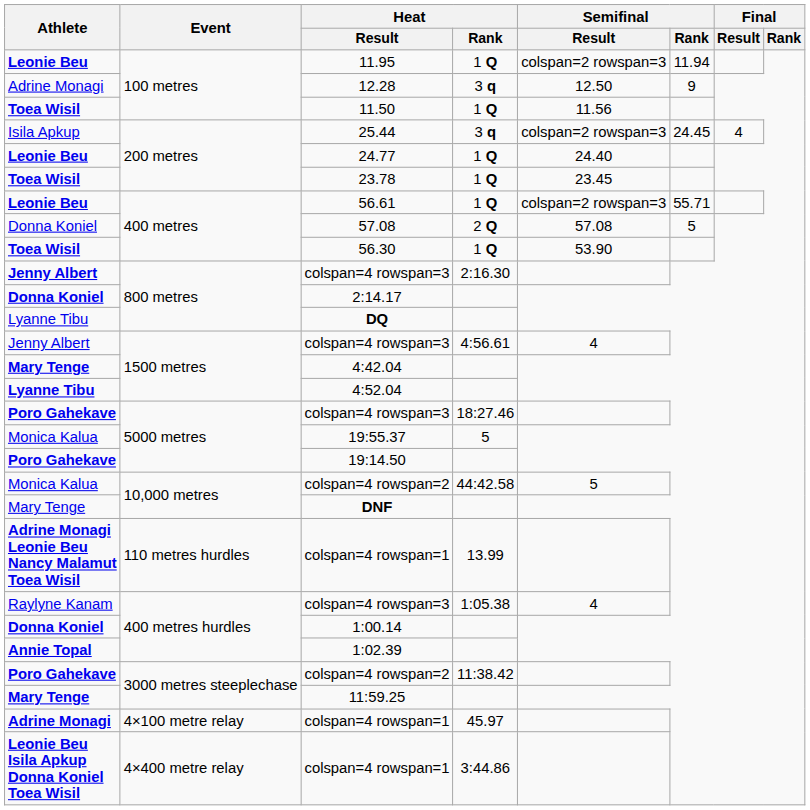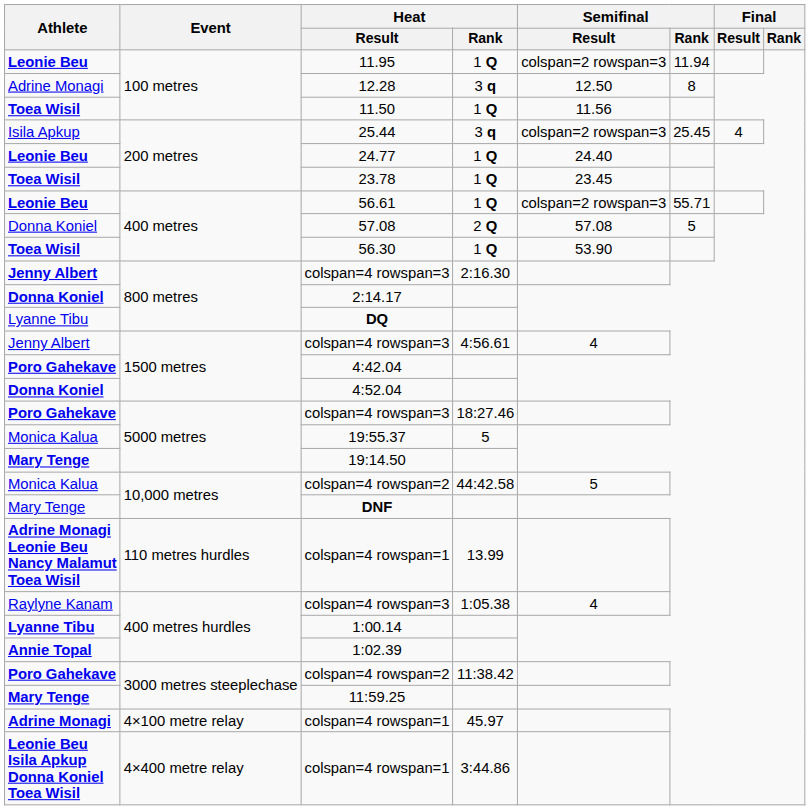 <table class="wikitable" style="font-size:90%">
 <tr>
 <th rowspan="2">Athlete</th>
 <th rowspan="2">Event</th>
 <th colspan="2">Heat</th>
 <th colspan="2">Semifinal</th>
 <th colspan="2">Final</th>
 </tr>
 <tr style="font-size:95%">
 <th>Result</th>
 <th>Rank</th>
 <th>Result</th>
 <th>Rank</th>
 <th>Result</th>
 <th>Rank</th>
 </tr>
 <tr style=text-align:center>
 <td style=text-align:left><strong><a href='#'>Leonie Beu</a></strong></td>
 <td style=text-align:left rowspan=3>100 metres</td>
 <td>11.95</td>
 <td>1 <strong>Q</strong></td>
 <td>colspan=2 rowspan=3 </td>
 <td>11.94</td>
 <td></td>
 </tr>
 <tr style=text-align:center>
 <td style=text-align:left><a href='#'>Adrine Monagi</a></td>
 <td>12.28</td>
 <td>3 <strong>q</strong></td>
 <td>12.50</td>
-<td>9</td>
+<td>8</td>
 </tr>
 <tr style=text-align:center>
 <td style=text-align:left><strong><a href='#'>Toea Wisil</a></strong></td>
 <td>11.50</td>
 <td>1 <strong>Q</strong></td>
 <td>11.56</td>
 <td></td>
 </tr>
 <tr style=text-align:center>
 <td style=text-align:left><a href='#'>Isila Apkup</a></td>
 <td style=text-align:left rowspan=3>200 metres</td>
 <td>25.44</td>
 <td>3 <strong>q</strong></td>
 <td>colspan=2 rowspan=3 </td>
-<td>24.45</td>
+<td>25.45</td>
 <td>4</td>
 </tr>
 <tr style=text-align:center>
 <td style=text-align:left><strong><a href='#'>Leonie Beu</a></strong></td>
 <td>24.77</td>
 <td>1 <strong>Q</strong></td>
 <td>24.40</td>
 <td></td>
 </tr>
 <tr style=text-align:center>
 <td style=text-align:left><strong><a href='#'>Toea Wisil</a></strong></td>
 <td>23.78</td>
 <td>1 <strong>Q</strong></td>
 <td>23.45</td>
 <td></td>
 </tr>
 <tr style=text-align:center>
 <td style=text-align:left><strong><a href='#'>Leonie Beu</a></strong></td>
 <td style=text-align:left rowspan=3>400 metres</td>
 <td>56.61</td>
 <td>1 <strong>Q</strong></td>
 <td>colspan=2 rowspan=3 </td>
 <td>55.71</td>
 <td></td>
 </tr>
 <tr style=text-align:center>
 <td style=text-align:left><a href='#'>Donna Koniel</a></td>
 <td>57.08</td>
 <td>2 <strong>Q</strong></td>
 <td>57.08</td>
 <td>5</td>
 </tr>
 <tr style=text-align:center>
 <td style=text-align:left><strong><a href='#'>Toea Wisil</a></strong></td>
 <td>56.30</td>
 <td>1 <strong>Q</strong></td>
 <td>53.90</td>
 <td></td>
 </tr>
 <tr style=text-align:center>
 <td style=text-align:left><strong><a href='#'>Jenny Albert</a></strong></td>
 <td style=text-align:left rowspan=3>800 metres</td>
 <td>colspan=4 rowspan=3 </td>
 <td>2:16.30</td>
 <td></td>
 </tr>
 <tr style=text-align:center>
 <td style=text-align:left><strong><a href='#'>Donna Koniel</a></strong></td>
 <td>2:14.17</td>
 <td></td>
 </tr>
 <tr style=text-align:center>
 <td style=text-align:left><a href='#'>Lyanne Tibu</a></td>
 <td><strong>DQ</strong></td>
 <td></td>
 </tr>
 <tr style=text-align:center>
 <td style=text-align:left><a href='#'>Jenny Albert</a></td>
 <td style=text-align:left rowspan=3>1500 metres</td>
 <td>colspan=4 rowspan=3 </td>
 <td>4:56.61</td>
 <td>4</td>
 </tr>
 <tr style=text-align:center>
-<td style=text-align:left><strong><a href='#'>Mary Tenge</a></strong></td>
+<td style=text-align:left><strong><a href='#'>Poro Gahekave</a></strong></td>
 <td>4:42.04</td>
 <td></td>
 </tr>
 <tr style=text-align:center>
-<td style=text-align:left><strong><a href='#'>Lyanne Tibu</a></strong></td>
+<td style=text-align:left><strong><a href='#'>Donna Koniel</a></strong></td>
 <td>4:52.04</td>
 <td></td>
 </tr>
 <tr style=text-align:center>
 <td style=text-align:left><strong><a href='#'>Poro Gahekave</a></strong></td>
 <td style=text-align:left rowspan=3>5000 metres</td>
 <td>colspan=4 rowspan=3 </td>
 <td>18:27.46</td>
 <td></td>
 </tr>
 <tr style=text-align:center>
 <td style=text-align:left><a href='#'>Monica Kalua</a></td>
 <td>19:55.37</td>
 <td>5</td>
 </tr>
 <tr style=text-align:center>
-<td style=text-align:left><strong><a href='#'>Poro Gahekave</a></strong></td>
+<td style=text-align:left><strong><a href='#'>Mary Tenge</a></strong></td>
 <td>19:14.50</td>
 <td></td>
 </tr>
 <tr style=text-align:center>
 <td style=text-align:left><a href='#'>Monica Kalua</a></td>
 <td style=text-align:left rowspan=2>10,000 metres</td>
 <td>colspan=4 rowspan=2 </td>
 <td>44:42.58</td>
 <td>5</td>
 </tr>
 <tr style=text-align:center>
 <td style=text-align:left><a href='#'>Mary Tenge</a></td>
 <td><strong>DNF</strong></td>
 <td></td>
 </tr>
 <tr style=text-align:center>
 <td style=text-align:left><strong><a href='#'>Adrine Monagi</a></strong><br><strong><a href='#'>Leonie Beu</a></strong><br><strong><a href='#'>Nancy Malamut</a></strong><br><strong><a href='#'>Toea Wisil</a></strong></td>
 <td style=text-align:left>110 metres hurdles</td>
 <td>colspan=4 rowspan=1 </td>
 <td>13.99</td>
 <td></td>
 </tr>
 <tr style=text-align:center>
 <td style=text-align:left><a href='#'>Raylyne Kanam</a></td>
 <td style=text-align:left rowspan=3>400 metres hurdles</td>
 <td>colspan=4 rowspan=3 </td>
 <td>1:05.38</td>
 <td>4</td>
 </tr>
 <tr style=text-align:center>
-<td style=text-align:left><strong><a href='#'>Donna Koniel</a></strong></td>
+<td style=text-align:left><strong><a href='#'>Lyanne Tibu</a></strong></td>
 <td>1:00.14</td>
 <td></td>
 </tr>
 <tr style=text-align:center>
 <td style=text-align:left><strong><a href='#'>Annie Topal</a></strong></td>
 <td>1:02.39</td>
 <td></td>
 </tr>
 <tr style=text-align:center>
 <td style=text-align:left><strong><a href='#'>Poro Gahekave</a></strong></td>
 <td style=text-align:left rowspan=2>3000 metres steeplechase</td>
 <td>colspan=4 rowspan=2 </td>
 <td>11:38.42</td>
 <td></td>
 </tr>
 <tr style=text-align:center>
 <td style=text-align:left><strong><a href='#'>Mary Tenge</a></strong></td>
 <td>11:59.25</td>
 <td></td>
 </tr>
 <tr style=text-align:center>
 <td style=text-align:left><strong><a href='#'>Adrine Monagi</a></strong></td>
 <td style=text-align:left rowspan=1>4×100 metre relay</td>
 <td>colspan=4 rowspan=1 </td>
 <td>45.97</td>
 <td></td>
 </tr>
 <tr style=text-align:center>
 <td style=text-align:left><strong><a href='#'>Leonie Beu</a></strong><br><strong><a href='#'>Isila Apkup</a></strong><br><strong><a href='#'>Donna Koniel</a></strong><br><strong><a href='#'>Toea Wisil</a></strong></td>
 <td style=text-align:left rowspan=1>4×400 metre relay</td>
 <td>colspan=4 rowspan=1 </td>
 <td>3:44.86</td>
 <td></td>
 </tr>
 </table>
